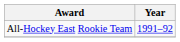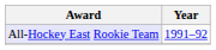 <table class="wikitable">
 <tr>
 <th>Award</th>
 <th>Year</th>
 </tr>
 <tr>
-<td>All-<a href='#'>Hockey East</a> <a href='#'>Rookie Team</a></td>
+<td style="background: lavender;">All-<a href='#'>Hockey East</a> <a href='#'>Rookie Team</a></td>
 <td><a href='#'>1991–92</a></td>
 </tr>
 <tr>
 </tr>
 </table>
